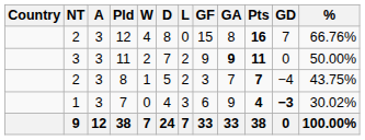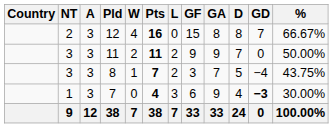 <table class="wikitable">
 <tr>
 <th>Country</th>
 <th>NT</th>
 <th>A</th>
 <th>Pld</th>
 <th>W</th>
-<th>D</th>
+<th>Pts</th>
 <th>L</th>
 <th>GF</th>
 <th>GA</th>
-<th>Pts</th>
+<th>D</th>
 <th>GD</th>
 <th>%</th>
 </tr>
 <tr>
 <td></td>
 <td align=center>2</td>
 <td align=center>3</td>
 <td align=center>12</td>
 <td align=center>4</td>
-<td align=center>8</td>
+<td align=center><strong>16</strong></td>
 <td align=center>0</td>
 <td align=center>15</td>
 <td align=center>8</td>
-<td align=center><strong>16</strong></td>
+<td align=center>8</td>
 <td align=center>7</td>
-<td align=right>66.76%</td>
+<td align=right>66.67%</td>
 </tr>
 <tr>
 <td></td>
 <td align=center>3</td>
 <td align=center>3</td>
 <td align=center>11</td>
 <td align=center>2</td>
-<td align=center>7</td>
+<td align=center><strong>11</strong></td>
 <td align=center>2</td>
 <td align=center>9</td>
-<td align=center><strong>9</strong></td>
-<td align=center><strong>11</strong></td>
+<td align=center>9</td>
+<td align=center>7</td>
 <td align=center>0</td>
 <td align=right>50.00%</td>
 </tr>
 <tr>
 <td></td>
-<td align=center>2</td>
+<td align=center>3</td>
 <td align=center>3</td>
 <td align=center>8</td>
 <td align=center>1</td>
-<td align=center>5</td>
+<td align=center><strong>7</strong></td>
 <td align=center>2</td>
 <td align=center>3</td>
 <td align=center>7</td>
-<td align=center><strong>7</strong></td>
+<td align=center>5</td>
 <td align=center>−4</td>
 <td align=right>43.75%</td>
 </tr>
 <tr>
 <td></td>
 <td align=center>1</td>
 <td align=center>3</td>
 <td align=center>7</td>
 <td align=center>0</td>
-<td align=center>4</td>
+<td align=center><strong>4</strong></td>
 <td align=center>3</td>
 <td align=center>6</td>
 <td align=center>9</td>
-<td align=center><strong>4</strong></td>
+<td align=center>4</td>
 <td align=center><strong>−3</strong></td>
-<td align=right>30.02%</td>
+<td align=right>30.00%</td>
 </tr>
 <tr>
 <th></th>
 <th>9</th>
 <th>12</th>
 <th>38</th>
 <th>7</th>
-<th>24</th>
+<th>38</th>
 <th>7</th>
 <th>33</th>
 <th>33</th>
-<th>38</th>
+<th>24</th>
 <th>0</th>
 <th align=right>100.00%</th>
 </tr>
 </table>
